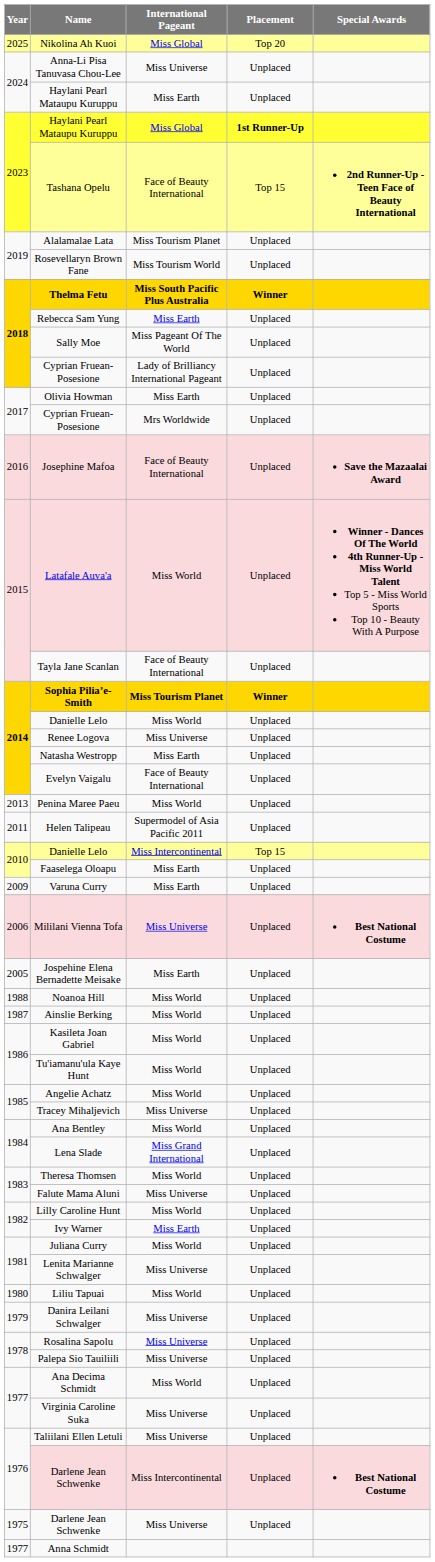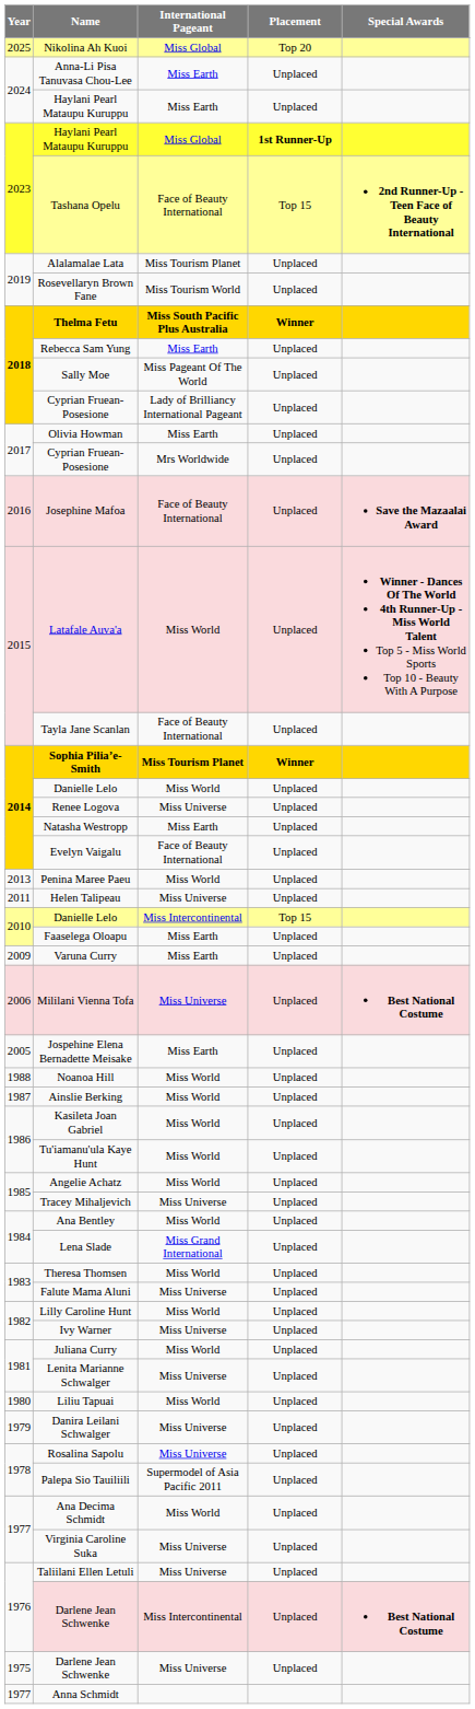 <table class="wikitable sortable" style="font-size: 95%; text-align:center">
 <tr>
 <th width="30" style="background-color:#787878;color:#FFFFFF;">Year</th>
 <th width="250" style="background-color:#787878;color:#FFFFFF;">Name</th>
 <th width="250" style="background-color:#787878;color:#FFFFFF;">International Pageant</th>
 <th width="250" style="background-color:#787878;color:#FFFFFF;">Placement</th>
 <th width="250" style="background-color:#787878;color:#FFFFFF;">Special Awards</th>
 </tr>
 <tr>
 </tr>
 <tr style="background-color:#FFFF99; : bold">
 <td rowspan="1">2025</td>
 <td>Nikolina Ah Kuoi</td>
 <td><a href='#'>Miss Global</a></td>
 <td>Top 20</td>
 <td></td>
 </tr>
 <tr>
 <td rowspan="2">2024</td>
 <td>Anna-Li Pisa Tanuvasa Chou-Lee</td>
-<td>Miss Universe</td>
+<td><a href='#'>Miss Earth</a></td>
 <td>Unplaced</td>
 <td></td>
 </tr>
 <tr>
 <td>Haylani Pearl Mataupu Kuruppu</td>
 <td>Miss Earth</td>
 <td>Unplaced</td>
 <td></td>
 </tr>
 <tr style="background-color:#FFFF33; : bold">
 <td rowspan="2">2023</td>
 <td>Haylani Pearl Mataupu Kuruppu</td>
 <td><a href='#'>Miss Global</a></td>
 <td><strong>1st Runner-Up</strong></td>
 <td></td>
 </tr>
 <tr style="background-color:#FFFF99; : bold">
 <td>Tashana Opelu</td>
 <td>Face of Beauty International</td>
 <td>Top 15</td>
 <td><br><ul><li><strong>2nd Runner-Up - Teen Face of Beauty International</strong></li></ul></td>
 </tr>
 <tr>
 <td rowspan="2">2019</td>
 <td>Alalamalae Lata</td>
 <td>Miss Tourism Planet</td>
 <td>Unplaced</td>
 <td></td>
 </tr>
 <tr>
 <td>Rosevellaryn Brown Fane</td>
 <td>Miss Tourism World</td>
 <td>Unplaced</td>
 <td></td>
 </tr>
 <tr style="background-color:gold; font-weight: bold">
 <td rowspan="4">2018</td>
 <td>Thelma Fetu</td>
 <td>Miss South Pacific Plus Australia</td>
 <td>Winner</td>
 <td></td>
 </tr>
 <tr>
 <td>Rebecca Sam Yung</td>
 <td><a href='#'>Miss Earth</a></td>
 <td>Unplaced</td>
 <td></td>
 </tr>
 <tr>
 <td>Sally Moe</td>
 <td>Miss Pageant Of The World</td>
 <td>Unplaced</td>
 <td></td>
 </tr>
 <tr>
 <td>Cyprian Fruean-Posesione</td>
 <td>Lady of Brilliancy International Pageant</td>
 <td>Unplaced</td>
 <td></td>
 </tr>
 <tr>
 <td rowspan="2">2017</td>
 <td>Olivia Howman</td>
 <td>Miss Earth</td>
 <td>Unplaced</td>
 <td></td>
 </tr>
 <tr>
 <td>Cyprian Fruean-Posesione</td>
 <td>Mrs Worldwide</td>
 <td>Unplaced</td>
 <td></td>
 </tr>
 <tr style="background-color:#FADADD;: bold">
 <td>2016</td>
 <td>Josephine Mafoa</td>
 <td>Face of Beauty International</td>
 <td>Unplaced</td>
 <td><br><ul><li><strong>Save the Mazaalai Award</strong></li></ul></td>
 </tr>
 <tr style="background-color:#FADADD;: bold">
 <td rowspan="2">2015</td>
 <td><a href='#'>Latafale Auva'a</a></td>
 <td>Miss World</td>
 <td>Unplaced</td>
 <td><br><ul><li><strong>Winner - Dances Of The World</strong></li><li><strong>4th Runner-Up - Miss World Talent</strong></li><li>Top 5 - Miss World Sports</li><li>Top 10 - Beauty With A Purpose</li></ul></td>
 </tr>
 <tr>
 <td>Tayla Jane Scanlan</td>
 <td>Face of Beauty International</td>
 <td>Unplaced</td>
 <td></td>
 </tr>
 <tr style="background-color:gold; font-weight: bold">
 <td rowspan="5">2014</td>
 <td>Sophia Pilia’e-Smith</td>
 <td>Miss Tourism Planet</td>
 <td>Winner</td>
 <td></td>
 </tr>
 <tr>
 <td>Danielle Lelo</td>
 <td>Miss World</td>
 <td>Unplaced</td>
 <td></td>
 </tr>
 <tr>
 <td>Renee Logova</td>
 <td>Miss Universe</td>
 <td>Unplaced</td>
 <td></td>
 </tr>
 <tr>
 <td>Natasha Westropp</td>
 <td>Miss Earth</td>
 <td>Unplaced</td>
 <td></td>
 </tr>
 <tr>
 <td>Evelyn Vaigalu</td>
 <td>Face of Beauty International</td>
 <td>Unplaced</td>
 <td></td>
 </tr>
 <tr>
 <td>2013</td>
 <td>Penina Maree Paeu</td>
 <td>Miss World</td>
 <td>Unplaced</td>
 <td></td>
 </tr>
 <tr>
 <td>2011</td>
 <td>Helen Talipeau</td>
-<td>Supermodel of Asia Pacific 2011</td>
+<td>Miss Universe</td>
 <td>Unplaced</td>
 <td></td>
 </tr>
 <tr style="background-color:#FFFF99; : bold">
 <td rowspan="2">2010</td>
 <td>Danielle Lelo</td>
 <td><a href='#'>Miss Intercontinental</a></td>
 <td>Top 15</td>
 <td></td>
 </tr>
 <tr>
 <td>Faaselega Oloapu</td>
 <td>Miss Earth</td>
 <td>Unplaced</td>
 <td></td>
 </tr>
 <tr>
 <td>2009</td>
 <td>Varuna Curry</td>
 <td>Miss Earth</td>
 <td>Unplaced</td>
 <td></td>
 </tr>
 <tr style="background-color:#FADADD;: bold">
 <td>2006</td>
 <td>Mililani Vienna Tofa</td>
 <td><a href='#'>Miss Universe</a></td>
 <td>Unplaced</td>
 <td><br><ul><li><strong>Best National Costume</strong></li></ul></td>
 </tr>
 <tr>
 <td>2005</td>
 <td>Jospehine Elena Bernadette Meisake</td>
 <td>Miss Earth</td>
 <td>Unplaced</td>
 <td></td>
 </tr>
 <tr>
 <td>1988</td>
 <td>Noanoa Hill</td>
 <td>Miss World</td>
 <td>Unplaced</td>
 <td></td>
 </tr>
 <tr>
 <td>1987</td>
 <td>Ainslie Berking</td>
 <td>Miss World</td>
 <td>Unplaced</td>
 <td></td>
 </tr>
 <tr>
 <td rowspan="2">1986</td>
 <td>Kasileta Joan Gabriel</td>
 <td>Miss World</td>
 <td>Unplaced</td>
 <td></td>
 </tr>
 <tr>
 <td>Tu'iamanu'ula Kaye Hunt</td>
 <td>Miss World</td>
 <td>Unplaced</td>
 <td></td>
 </tr>
 <tr>
 <td rowspan="2">1985</td>
 <td>Angelie Achatz</td>
 <td>Miss World</td>
 <td>Unplaced</td>
 <td></td>
 </tr>
 <tr>
 <td>Tracey Mihaljevich</td>
 <td>Miss Universe</td>
 <td>Unplaced</td>
 <td></td>
 </tr>
 <tr>
 <td rowspan="2">1984</td>
 <td>Ana Bentley</td>
 <td>Miss World</td>
 <td>Unplaced</td>
 <td></td>
 </tr>
 <tr>
 <td>Lena Slade</td>
 <td><a href='#'>Miss Grand International</a></td>
 <td>Unplaced</td>
 <td></td>
 </tr>
 <tr>
 <td rowspan="2">1983</td>
 <td>Theresa Thomsen</td>
 <td>Miss World</td>
 <td>Unplaced</td>
 <td></td>
 </tr>
 <tr>
 <td>Falute Mama Aluni</td>
 <td>Miss Universe</td>
 <td>Unplaced</td>
 <td></td>
 </tr>
 <tr>
 <td rowspan="2">1982</td>
 <td>Lilly Caroline Hunt</td>
 <td>Miss World</td>
 <td>Unplaced</td>
 <td></td>
 </tr>
 <tr>
 <td>Ivy Warner</td>
-<td><a href='#'>Miss Earth</a></td>
+<td>Miss Universe</td>
 <td>Unplaced</td>
 <td></td>
 </tr>
 <tr>
 <td rowspan="2">1981</td>
 <td>Juliana Curry</td>
 <td>Miss World</td>
 <td>Unplaced</td>
 <td></td>
 </tr>
 <tr>
 <td>Lenita Marianne Schwalger</td>
 <td>Miss Universe</td>
 <td>Unplaced</td>
 <td></td>
 </tr>
 <tr>
 <td>1980</td>
 <td>Liliu Tapuai</td>
 <td>Miss World</td>
 <td>Unplaced</td>
 <td></td>
 </tr>
 <tr>
 <td>1979</td>
 <td>Danira Leilani Schwalger</td>
 <td>Miss Universe</td>
 <td>Unplaced</td>
 <td></td>
 </tr>
 <tr>
 <td rowspan="2">1978</td>
 <td>Rosalina Sapolu</td>
 <td><a href='#'>Miss Universe</a></td>
 <td>Unplaced</td>
 <td></td>
 </tr>
 <tr>
 <td>Palepa Sio Tauiliili</td>
-<td>Miss Universe</td>
+<td>Supermodel of Asia Pacific 2011</td>
 <td>Unplaced</td>
 <td></td>
 </tr>
 <tr>
 <td rowspan="2">1977</td>
 <td>Ana Decima Schmidt</td>
 <td>Miss World</td>
 <td>Unplaced</td>
 <td></td>
 </tr>
 <tr>
 <td>Virginia Caroline Suka</td>
 <td>Miss Universe</td>
 <td>Unplaced</td>
 <td></td>
 </tr>
 <tr>
 <td rowspan="2">1976</td>
 <td>Taliilani Ellen Letuli</td>
 <td>Miss Universe</td>
 <td>Unplaced</td>
 <td></td>
 </tr>
 <tr style="background-color:#FADADD;: bold">
 <td>Darlene Jean Schwenke</td>
 <td>Miss Intercontinental</td>
 <td>Unplaced</td>
 <td><br><ul><li><strong>Best National Costume</strong></li></ul></td>
 </tr>
 <tr>
 <td>1975</td>
 <td>Darlene Jean Schwenke</td>
 <td>Miss Universe</td>
 <td>Unplaced</td>
 <td></td>
 </tr>
 <tr>
 <td>1977</td>
 <td>Anna Schmidt</td>
 <td></td>
 <td></td>
 <td></td>
 </tr>
 </table>
